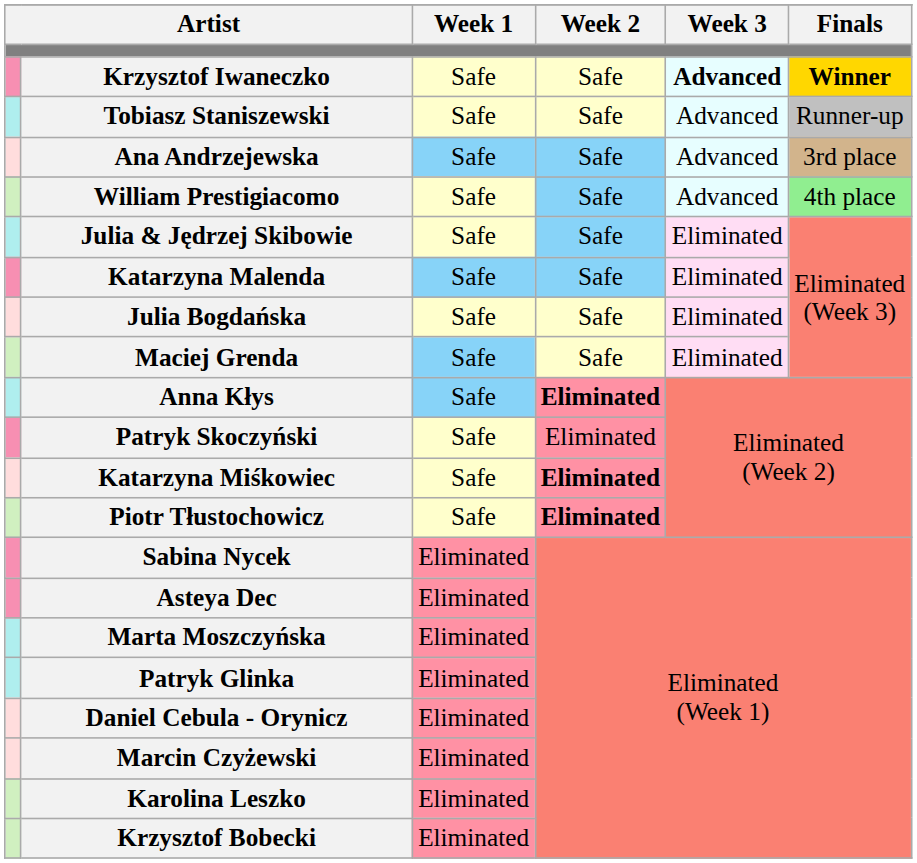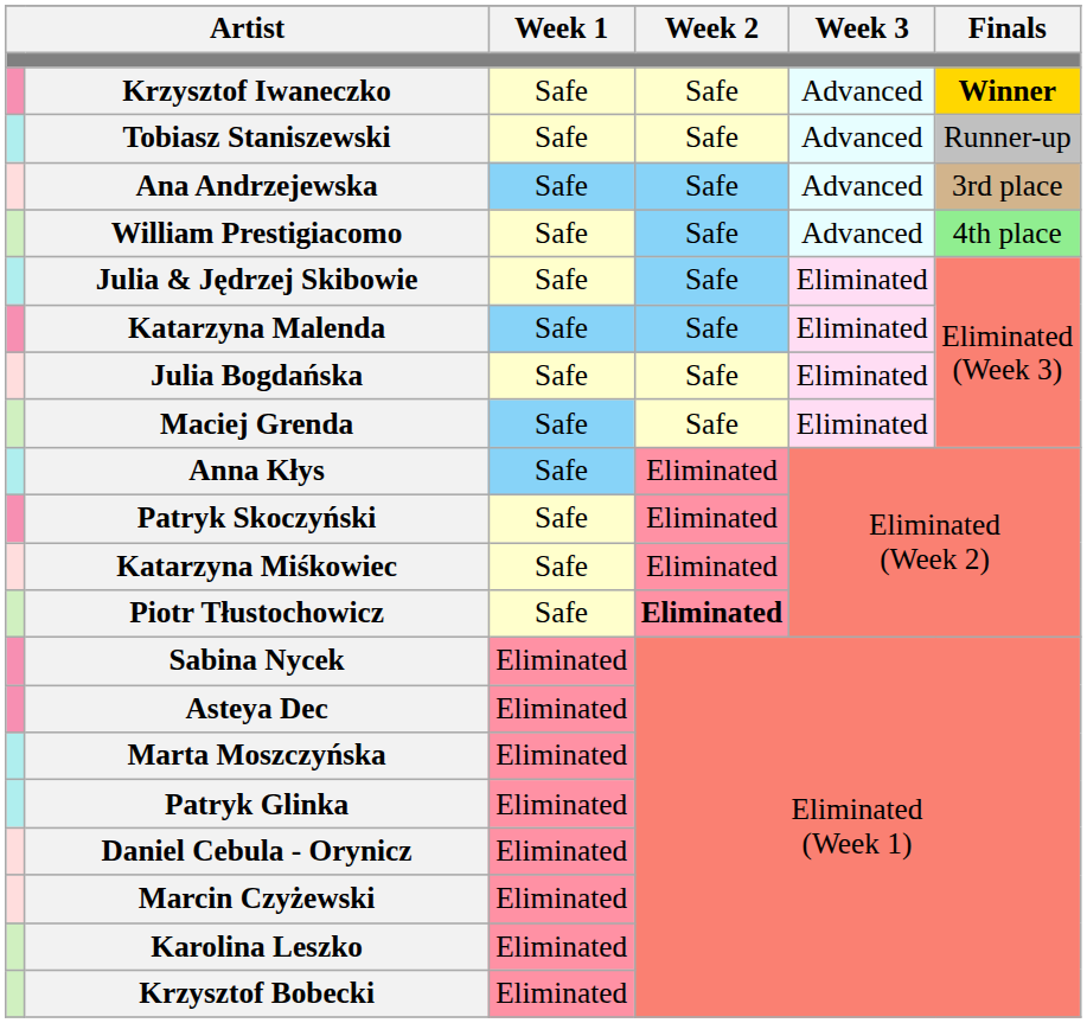 <table class="wikitable" style="text-align:center; width:65%;">
 <tr>
 </tr>
 <tr>
 <th colspan="2">Artist</th>
 <th style="width:12%;">Week 1</th>
 <th style="width:12%;">Week 2</th>
 <th style="width:12%;">Week 3</th>
 <th style="width:12%;">Finals</th>
 </tr>
 <tr>
 <th colspan="6" style="background:gray;"></th>
 </tr>
 <tr>
 <th style="background:#F78FB2;"></th>
 <th>Krzysztof Iwaneczko</th>
 <td style="background:#ffc;">Safe</td>
 <td style="background:#ffc;">Safe</td>
-<td style="background:#E7FEFF;"><strong>Advanced</strong></td>
+<td style="background:#E7FEFF;">Advanced</td>
 <th style="background:gold;">Winner</th>
 </tr>
 <tr>
 <th style="background:#afeeee;"></th>
 <th>Tobiasz Staniszewski</th>
 <td style="background:#ffc;">Safe</td>
 <td style="background:#ffc;">Safe</td>
 <td style="background:#E7FEFF;">Advanced</td>
 <td style="background:silver;">Runner-up</td>
 </tr>
 <tr>
 <th style="background:#ffdddd;"></th>
 <th>Ana Andrzejewska</th>
 <td style="background:#87D3F8;">Safe</td>
 <td style="background:#87D3F8;">Safe</td>
 <td style="background:#E7FEFF;">Advanced</td>
 <td style="background:tan;">3rd place</td>
 </tr>
 <tr>
 <th style="background:#d0f0c0;"></th>
 <th>William Prestigiacomo</th>
 <td style="background:#ffc;">Safe</td>
 <td style="background:#87D3F8;">Safe</td>
 <td style="background:#E7FEFF;">Advanced</td>
 <td style="background:lightgreen;">4th place</td>
 </tr>
 <tr>
 <th style="background:#afeeee;"></th>
 <th>Julia & Jędrzej Skibowie</th>
 <td style="background:#ffc;">Safe</td>
 <td style="background:#87D3F8;">Safe</td>
 <td style="background:#FFDDF4;">Eliminated</td>
 <td colspan="1" rowspan="4" style="background:salmon;">Eliminated<br>(Week 3)</td>
 </tr>
 <tr>
 <th style="background:#F78FB2;"></th>
 <th>Katarzyna Malenda</th>
 <td style="background:#87D3F8;">Safe</td>
 <td style="background:#87D3F8;">Safe</td>
 <td style="background:#FFDDF4;">Eliminated</td>
 </tr>
 <tr>
 <th style="background:#ffdddd;"></th>
 <th>Julia Bogdańska</th>
 <td style="background:#ffc;">Safe</td>
 <td style="background:#ffc;">Safe</td>
 <td style="background:#FFDDF4;">Eliminated</td>
 </tr>
 <tr>
 <th style="background:#d0f0c0;"></th>
 <th>Maciej Grenda</th>
 <td style="background:#87D3F8;">Safe</td>
 <td style="background:#ffc;">Safe</td>
 <td style="background:#FFDDF4;">Eliminated</td>
 </tr>
 <tr>
 <th style="background:#afeeee;"></th>
 <th>Anna Kłys</th>
 <td style="background:#87D3F8;">Safe</td>
-<td style="background:#FF91A4;"><strong>Eliminated</strong></td>
+<td style="background:#FF91A4;">Eliminated</td>
 <td colspan="4" rowspan="4" style="background:salmon;">Eliminated<br>(Week 2)</td>
 </tr>
 <tr>
 <th style="background:#F78FB2;"></th>
 <th>Patryk Skoczyński</th>
 <td style="background:#ffc;">Safe</td>
 <td style="background:#FF91A4;">Eliminated</td>
 </tr>
 <tr>
 <th style="background:#ffdddd;"></th>
 <th>Katarzyna Miśkowiec</th>
 <td style="background:#ffc;">Safe</td>
-<td style="background:#FF91A4;"><strong>Eliminated</strong></td>
+<td style="background:#FF91A4;">Eliminated</td>
 </tr>
 <tr>
 <th style="background:#d0f0c0;"></th>
 <th>Piotr Tłustochowicz</th>
 <td style="background:#ffc;">Safe</td>
 <td style="background:#FF91A4;"><strong>Eliminated</strong></td>
 </tr>
 <tr>
 <th style="background:#F78FB2;"></th>
 <th>Sabina Nycek</th>
 <td style="background:#FF91A4;">Eliminated</td>
 <td colspan="4" rowspan="8" style="background:salmon;">Eliminated<br>(Week 1)</td>
 </tr>
 <tr>
 <th style="background:#F78FB2;"></th>
 <th>Asteya Dec</th>
 <td style="background:#FF91A4;">Eliminated</td>
 </tr>
 <tr>
 <th style="background:#afeeee;"></th>
 <th>Marta Moszczyńska</th>
 <td style="background:#FF91A4;">Eliminated</td>
 </tr>
 <tr>
 <th style="background:#afeeee;"></th>
 <th>Patryk Glinka</th>
 <td style="background:#FF91A4;">Eliminated</td>
 </tr>
 <tr>
 <th style="background:#ffdddd;"></th>
 <th>Daniel Cebula - Orynicz</th>
 <td style="background:#FF91A4;">Eliminated</td>
 </tr>
 <tr>
 <th style="background:#ffdddd;"></th>
 <th>Marcin Czyżewski</th>
 <td style="background:#FF91A4;">Eliminated</td>
 </tr>
 <tr>
 <th style="background:#d0f0c0;"></th>
 <th>Karolina Leszko</th>
 <td style="background:#FF91A4;">Eliminated</td>
 </tr>
 <tr>
 <th style="background:#d0f0c0;"></th>
 <th>Krzysztof Bobecki</th>
 <td style="background:#FF91A4;">Eliminated</td>
 </tr>
 </table>
